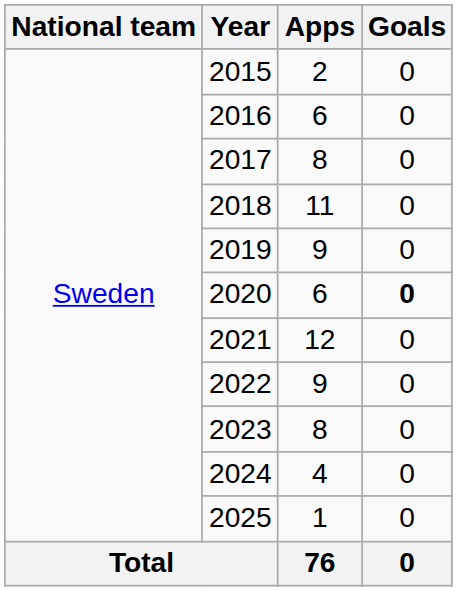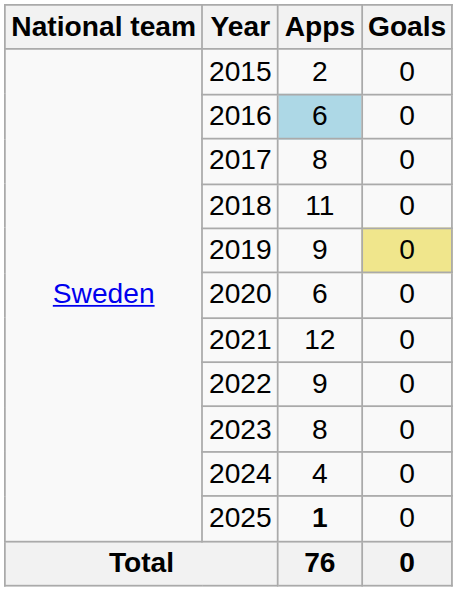 <table class="wikitable" style="text-align:center">
 <tr>
 <th>National team</th>
 <th>Year</th>
 <th>Apps</th>
 <th>Goals</th>
 </tr>
 <tr>
 <td rowspan="11"><a href='#'>Sweden</a></td>
 <td>2015</td>
 <td>2</td>
 <td>0</td>
 </tr>
 <tr>
 <td>2016</td>
-<td>6</td>
+<td style="background: lightblue;">6</td>
 <td>0</td>
 </tr>
 <tr>
 <td>2017</td>
 <td>8</td>
 <td>0</td>
 </tr>
 <tr>
 <td>2018</td>
 <td>11</td>
 <td>0</td>
 </tr>
 <tr>
 <td>2019</td>
 <td>9</td>
-<td>0</td>
+<td style="background: khaki;">0</td>
 </tr>
 <tr>
 <td>2020</td>
 <td>6</td>
-<td><strong>0</strong></td>
+<td>0</td>
 </tr>
 <tr>
 <td>2021</td>
 <td>12</td>
 <td>0</td>
 </tr>
 <tr>
 <td>2022</td>
 <td>9</td>
 <td>0</td>
 </tr>
 <tr>
 <td>2023</td>
 <td>8</td>
 <td>0</td>
 </tr>
 <tr>
 <td>2024</td>
 <td>4</td>
 <td>0</td>
 </tr>
 <tr>
 <td>2025</td>
-<td>1</td>
+<td><strong>1</strong></td>
 <td>0</td>
 </tr>
 <tr>
 <th colspan="2">Total</th>
 <th>76</th>
 <th>0</th>
 </tr>
 </table>
